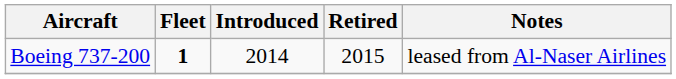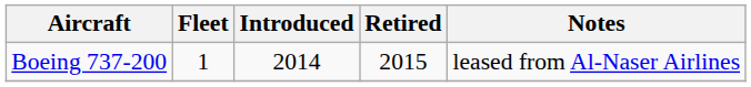 <table class="wikitable" style="border-collapse:collapse;text-align:center; margin: 1em auto;">
 <tr>
 <th>Aircraft</th>
 <th>Fleet</th>
 <th>Introduced</th>
 <th>Retired</th>
 <th>Notes</th>
 </tr>
 <tr>
 <td><a href='#'>Boeing 737-200</a></td>
-<td><strong>1</strong></td>
+<td>1</td>
 <td>2014</td>
 <td>2015</td>
 <td>leased from <a href='#'>Al-Naser Airlines</a></td>
 </tr>
 <tr>
 </tr>
 </table>
